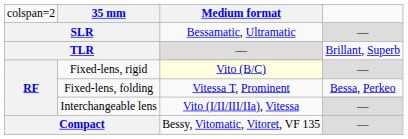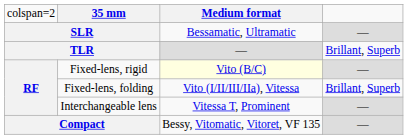 <table class="wikitable sortable" style="font-size:100%;text-align:center;">
 <tr>
 <td>colspan=2 </td>
 <th><a href='#'>35 mm</a></th>
 <th><a href='#'>Medium format</a></th>
 </tr>
 <tr>
 <th colspan=2><a href='#'>SLR</a></th>
 <td><a href='#'>Bessamatic</a>, <a href='#'>Ultramatic</a></td>
 <td style="background:#ddd;">—</td>
 </tr>
 <tr>
 <th colspan=2><a href='#'>TLR</a></th>
 <td style="background:#ddd;">—</td>
 <td><a href='#'>Brillant</a>, <a href='#'>Superb</a></td>
 </tr>
 <tr>
 <th rowspan=3><a href='#'>RF</a></th>
 <td>Fixed-lens, rigid</td>
 <td style="background: lightyellow;"><a href='#'>Vito (B/C)</a></td>
 <td style="background:#ddd;">—</td>
 </tr>
 <tr>
 <td>Fixed-lens, folding</td>
-<td><a href='#'>Vitessa T</a>, <a href='#'>Prominent</a></td>
-<td><a href='#'>Bessa</a>, <a href='#'>Perkeo</a></td>
+<td><a href='#'>Vito (I/II/III/IIa)</a>, <a href='#'>Vitessa</a></td>
+<td><a href='#'>Brillant</a>, <a href='#'>Superb</a></td>
 </tr>
 <tr>
 <td>Interchangeable lens</td>
-<td><a href='#'>Vito (I/II/III/IIa)</a>, <a href='#'>Vitessa</a></td>
+<td><a href='#'>Vitessa T</a>, <a href='#'>Prominent</a></td>
 <td style="background:#ddd;">—</td>
 </tr>
 <tr>
 <th colspan=2><a href='#'>Compact</a></th>
 <td>Bessy, <a href='#'>Vitomatic</a>, <a href='#'>Vitoret</a>, VF 135</td>
 <td style="background:#ddd;">—</td>
 </tr>
 </table>
